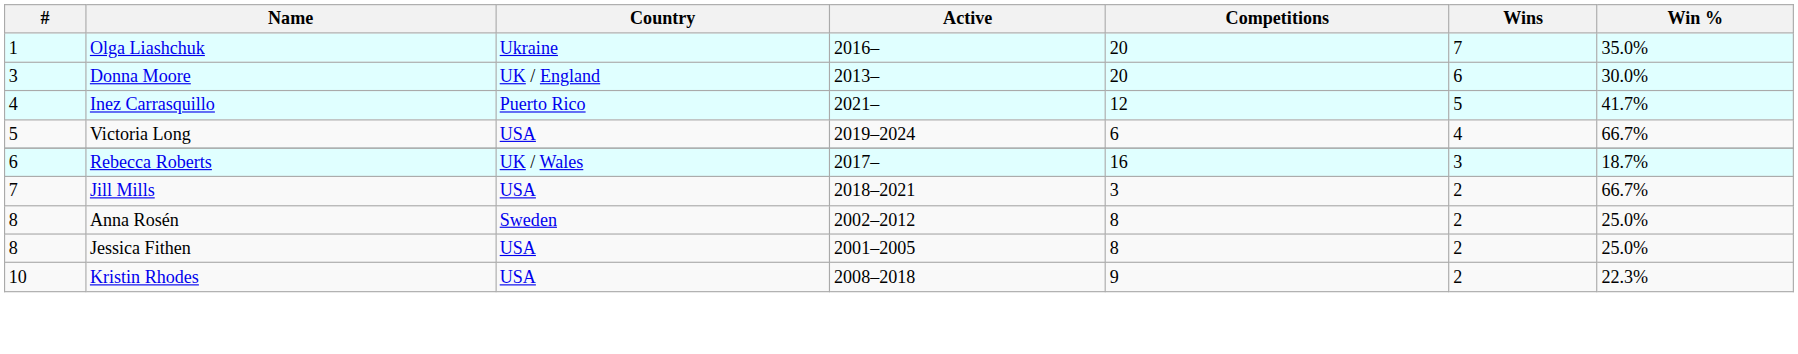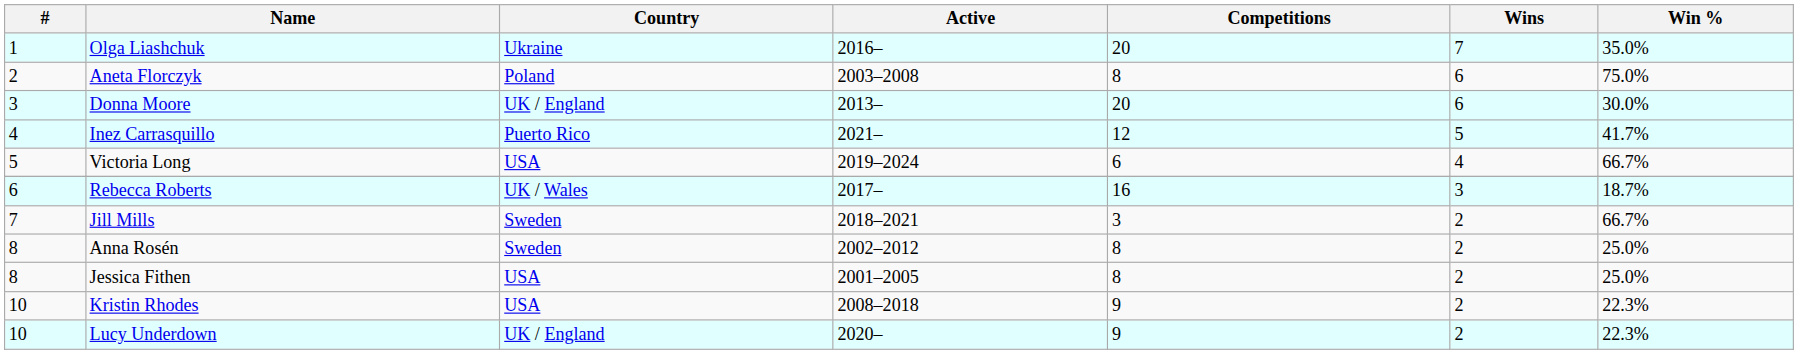 <table class="wikitable sortable" style="display: inline-table;width: 100%;">
 <tr>
 <th>#</th>
 <th>Name</th>
 <th>Country</th>
 <th>Active</th>
 <th>Competitions</th>
 <th>Wins</th>
 <th>Win %</th>
 </tr>
 <tr style="background:#E0FFFF;">
 <td>1</td>
 <td><a href='#'>Olga Liashchuk</a></td>
 <td> <a href='#'>Ukraine</a></td>
 <td>2016–</td>
 <td>20</td>
 <td>7</td>
 <td>35.0%</td>
+</tr>
+<tr>
+<td>2</td>
+<td><a href='#'>Aneta Florczyk</a></td>
+<td> <a href='#'>Poland</a></td>
+<td>2003–2008</td>
+<td>8</td>
+<td>6</td>
+<td>75.0%</td>
 </tr>
 <tr style="background:#E0FFFF;">
 <td>3</td>
 <td><a href='#'>Donna Moore</a></td>
 <td> <a href='#'>UK</a> / <a href='#'>England</a></td>
 <td>2013–</td>
 <td>20</td>
 <td>6</td>
 <td>30.0%</td>
 </tr>
 <tr style="background:#E0FFFF;">
 <td>4</td>
 <td><a href='#'>Inez Carrasquillo</a></td>
 <td> <a href='#'>Puerto Rico</a></td>
 <td>2021–</td>
 <td>12</td>
 <td>5</td>
 <td>41.7%</td>
 </tr>
 <tr>
 <td>5</td>
 <td>Victoria Long</td>
 <td> <a href='#'>USA</a></td>
 <td>2019–2024</td>
 <td>6</td>
 <td>4</td>
 <td>66.7%</td>
 </tr>
 <tr>
 </tr>
 <tr style="background:#E0FFFF;">
 <td>6</td>
 <td><a href='#'>Rebecca Roberts</a></td>
 <td> <a href='#'>UK</a> / <a href='#'>Wales</a></td>
 <td>2017–</td>
 <td>16</td>
 <td>3</td>
 <td>18.7%</td>
 </tr>
 <tr>
 <td>7</td>
 <td><a href='#'>Jill Mills</a></td>
-<td> <a href='#'>USA</a></td>
+<td> <a href='#'>Sweden</a></td>
 <td>2018–2021</td>
 <td>3</td>
 <td>2</td>
 <td>66.7%</td>
 </tr>
 <tr>
 <td>8</td>
 <td>Anna Rosén</td>
 <td> <a href='#'>Sweden</a></td>
 <td>2002–2012</td>
 <td>8</td>
 <td>2</td>
 <td>25.0%</td>
 </tr>
 <tr>
 <td>8</td>
 <td>Jessica Fithen</td>
 <td> <a href='#'>USA</a></td>
 <td>2001–2005</td>
 <td>8</td>
 <td>2</td>
 <td>25.0%</td>
 </tr>
 <tr>
 <td>10</td>
 <td><a href='#'>Kristin Rhodes</a></td>
 <td> <a href='#'>USA</a></td>
 <td>2008–2018</td>
 <td>9</td>
 <td>2</td>
 <td>22.3%</td>
 </tr>
+<tr style="background:#E0FFFF;">
+<td>10</td>
+<td><a href='#'>Lucy Underdown</a></td>
+<td> <a href='#'>UK</a> / <a href='#'>England</a></td>
+<td>2020–</td>
+<td>9</td>
+<td>2</td>
+<td>22.3%</td>
+</tr>
 </table>
